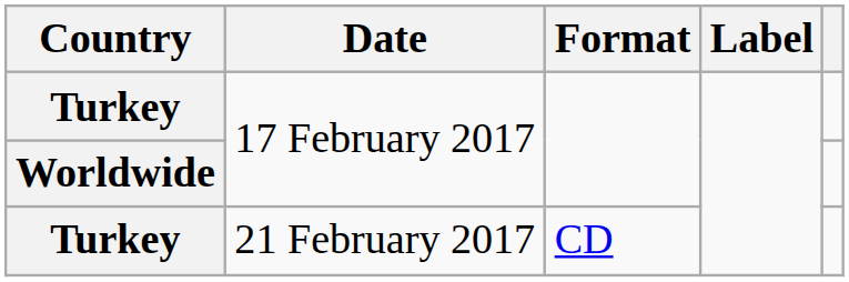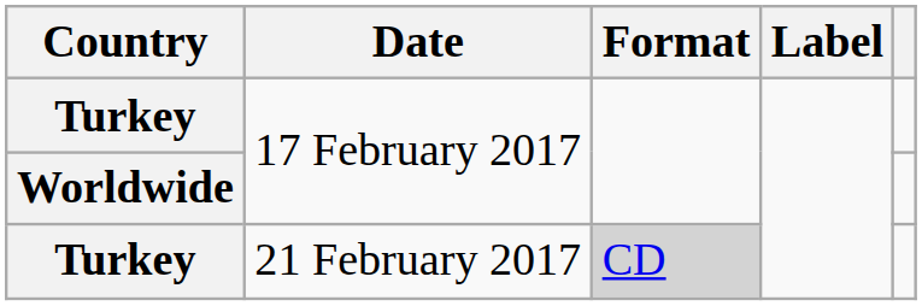 <table class="wikitable plainrowheaders">
 <tr>
 <th scope="col">Country</th>
 <th scope="col">Date</th>
 <th scope="col">Format</th>
 <th scope="col">Label</th>
 <th scope="col"></th>
 </tr>
 <tr>
 <th scope="row">Turkey</th>
 <td rowspan="2">17 February 2017</td>
 <td rowspan="2"></td>
 <td rowspan="3"></td>
 <td align="center"></td>
 </tr>
 <tr>
 <th scope="row">Worldwide</th>
 <td align="center"></td>
 </tr>
 <tr>
 <th scope="row">Turkey</th>
 <td>21 February 2017</td>
-<td><a href='#'>CD</a></td>
+<td style="background: lightgrey;"><a href='#'>CD</a></td>
 <td align="center"></td>
 </tr>
 </table>
